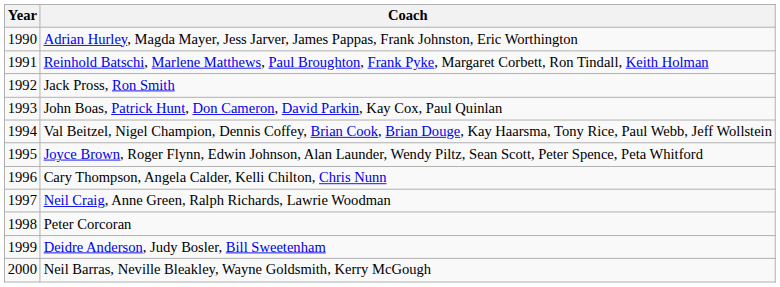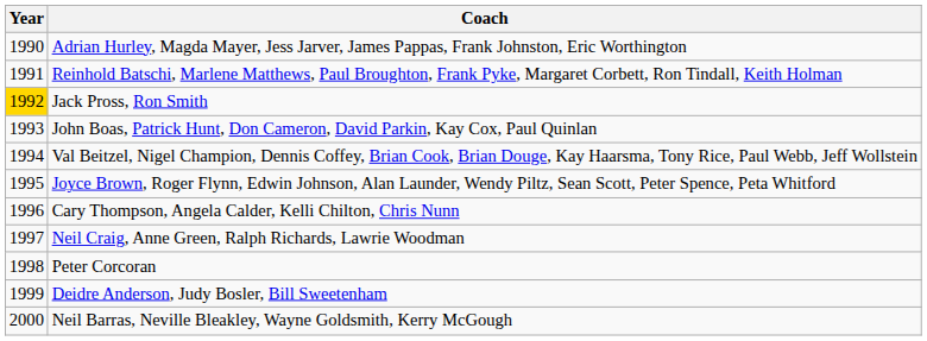 <table class="wikitable">
 <tr>
 <th>Year</th>
 <th>Coach</th>
 </tr>
 <tr>
 <td>1990</td>
 <td><a href='#'>Adrian Hurley</a>, Magda Mayer, Jess Jarver, James Pappas, Frank Johnston, Eric Worthington</td>
 </tr>
 <tr>
 <td>1991</td>
 <td><a href='#'>Reinhold Batschi</a>, <a href='#'>Marlene Matthews</a>, <a href='#'>Paul Broughton</a>, <a href='#'>Frank Pyke</a>, Margaret Corbett, Ron Tindall, <a href='#'>Keith Holman</a></td>
 </tr>
 <tr>
-<td>1992</td>
+<td style="background: gold;">1992</td>
 <td>Jack Pross, <a href='#'>Ron Smith</a></td>
 </tr>
 <tr>
 <td>1993</td>
 <td>John Boas, <a href='#'>Patrick Hunt</a>, <a href='#'>Don Cameron</a>, <a href='#'>David Parkin</a>, Kay Cox, Paul Quinlan</td>
 </tr>
 <tr>
 <td>1994</td>
 <td>Val Beitzel, Nigel Champion, Dennis Coffey, <a href='#'>Brian Cook</a>, <a href='#'>Brian Douge</a>, Kay Haarsma, Tony Rice, Paul Webb, Jeff Wollstein</td>
 </tr>
 <tr>
 <td>1995</td>
 <td><a href='#'>Joyce Brown</a>, Roger Flynn, Edwin Johnson, Alan Launder, Wendy Piltz, Sean Scott, Peter Spence, Peta Whitford</td>
 </tr>
 <tr>
 <td>1996</td>
 <td>Cary Thompson, Angela Calder, Kelli Chilton, <a href='#'>Chris Nunn</a></td>
 </tr>
 <tr>
 <td>1997</td>
 <td><a href='#'>Neil Craig</a>, Anne Green, Ralph Richards, Lawrie Woodman</td>
 </tr>
 <tr>
 <td>1998</td>
 <td>Peter Corcoran</td>
 </tr>
 <tr>
 <td>1999</td>
 <td><a href='#'>Deidre Anderson</a>, Judy Bosler, <a href='#'>Bill Sweetenham</a></td>
 </tr>
 <tr>
 <td>2000</td>
 <td>Neil Barras, Neville Bleakley, Wayne Goldsmith, Kerry McGough</td>
 </tr>
 </table>
